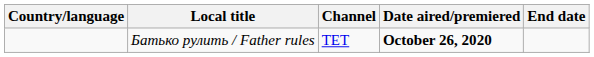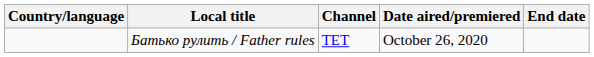 <table class="wikitable">
 <tr>
 <th>Country/language</th>
 <th>Local title</th>
 <th>Channel</th>
 <th>Date aired/premiered</th>
 <th>End date</th>
 </tr>
 <tr>
 <td></td>
 <td><em>Батько рулить / Father rules</em></td>
 <td><a href='#'>TET</a></td>
-<td><strong>October 26, 2020</strong></td>
+<td>October 26, 2020</td>
 </tr>
 </table>
